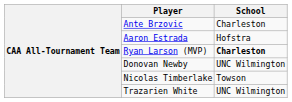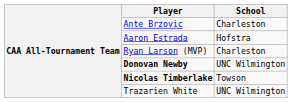 <table class="wikitable" border="1">
 <tr>
 <th rowspan="7" valign="middle">CAA All-Tournament Team</th>
 <th>Player</th>
 <th>School</th>
 </tr>
 <tr>
 <td><a href='#'>Ante Brzovic</a></td>
 <td>Charleston</td>
 </tr>
 <tr>
 <td><a href='#'>Aaron Estrada</a></td>
 <td>Hofstra</td>
 </tr>
 <tr>
 <td><a href='#'>Ryan Larson</a> (MVP)</td>
-<td><strong>Charleston</strong></td>
+<td>Charleston</td>
 </tr>
 <tr>
-<td>Donovan Newby</td>
+<td><strong>Donovan Newby</strong></td>
 <td>UNC Wilmington</td>
 </tr>
 <tr>
-<td>Nicolas Timberlake</td>
+<td><strong>Nicolas Timberlake</strong></td>
 <td>Towson</td>
 </tr>
 <tr>
 <td>Trazarien White</td>
 <td>UNC Wilmington</td>
 </tr>
 </table>
